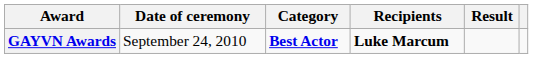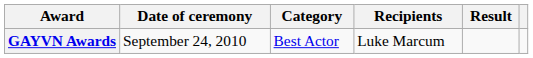 <table class="wikitable sortable plainrowheaders">
 <tr>
 <th scope="col" style="width:22%;">Award</th>
 <th scope="col">Date of ceremony</th>
 <th scope="col">Category</th>
 <th scope="col">Recipients</th>
 <th scope="col">Result</th>
 <th scope="col" class="unsortable"></th>
 </tr>
 <tr>
 <th scope="row" style="text-align:center;"><a href='#'>GAYVN Awards</a></th>
 <td rowspan="3">September 24, 2010</td>
-<td><strong><a href='#'>Best Actor</a></strong></td>
-<td><strong>Luke Marcum</strong></td>
+<td><a href='#'>Best Actor</a></td>
+<td>Luke Marcum</td>
 <td></td>
 <td></td>
 </tr>
 </table>
